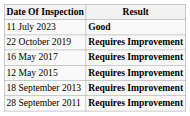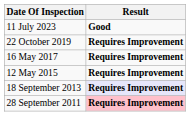 <table class="wikitable">
 <tr>
 <th>Date Of Inspection</th>
 <th>Result</th>
 </tr>
 <tr>
 <td>11 July 2023</td>
 <td><strong>Good</strong></td>
 </tr>
 <tr>
 <td>22 October 2019</td>
 <td><strong>Requires Improvement</strong></td>
 </tr>
 <tr>
 <td>16 May 2017</td>
 <td><strong>Requires Improvement</strong></td>
 </tr>
 <tr>
 <td>12 May 2015</td>
 <td><strong>Requires Improvement</strong></td>
 </tr>
 <tr>
 <td>18 September 2013</td>
-<td><strong>Requires Improvement</strong></td>
+<td style="background: lavender;"><strong>Requires Improvement</strong></td>
 </tr>
 <tr>
 <td>28 September 2011</td>
-<td><strong>Requires Improvement</strong></td>
+<td style="background: pink;"><strong>Requires Improvement</strong></td>
 </tr>
 </table>
